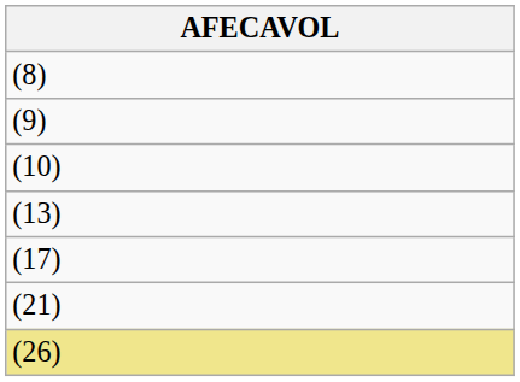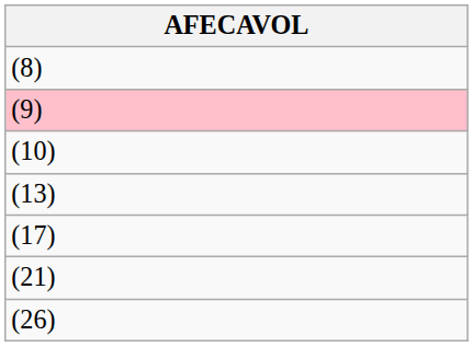 <table class="wikitable" width=280>
 <tr>
 <th>AFECAVOL</th>
 </tr>
 <tr>
 <td> (8)</td>
 </tr>
 <tr>
-<td> (9)</td>
+<td style="background: pink;"> (9)</td>
 </tr>
 <tr>
 <td> (10)</td>
 </tr>
 <tr>
 <td> (13)</td>
 </tr>
 <tr>
 <td> (17)</td>
 </tr>
 <tr>
 <td> (21)</td>
 </tr>
 <tr>
-<td style="background: khaki;"> (26)</td>
+<td> (26)</td>
 </tr>
 </table>
